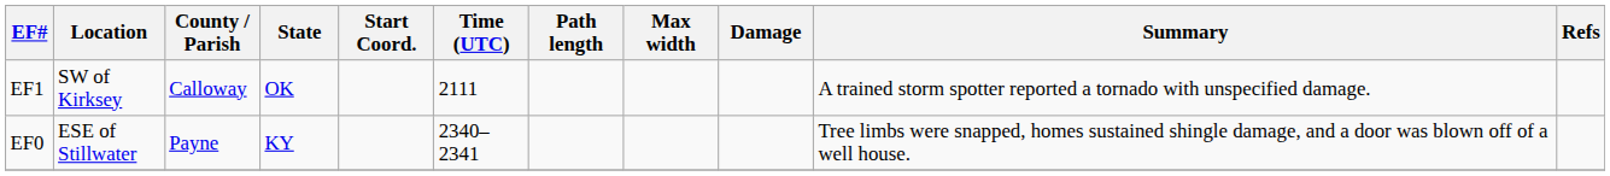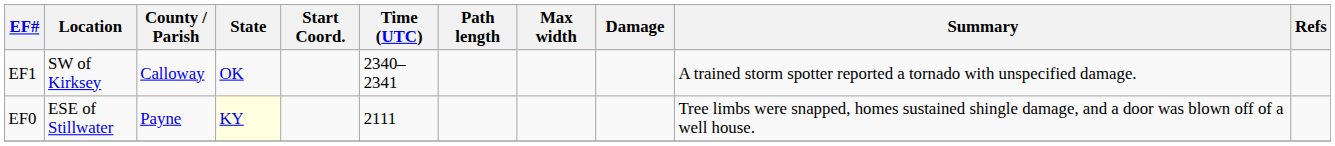 <table class="wikitable sortable" style="width:100%;">
 <tr>
 <th scope="col" width="3%" align="center"><a href='#'>EF#</a></th>
 <th scope="col" width="7%" align="center" class="unsortable">Location</th>
 <th scope="col" width="6%" align="center" class="unsortable">County / Parish</th>
 <th scope="col" width="5%" align="center">State</th>
 <th scope="col" width="6%" align="center">Start Coord.</th>
 <th scope="col" width="6%" align="center">Time (<a href='#'>UTC</a>)</th>
 <th scope="col" width="6%" align="center">Path length</th>
 <th scope="col" width="6%" align="center">Max width</th>
 <th scope="col" width="6%" align="center">Damage</th>
 <th scope="col" width="48%" class="unsortable" align="center">Summary</th>
 <th scope="col" width="48%" class="unsortable" align="center">Refs</th>
 </tr>
 <tr>
 <td>EF1</td>
 <td>SW of <a href='#'>Kirksey</a></td>
 <td><a href='#'>Calloway</a></td>
 <td><a href='#'>OK</a></td>
 <td></td>
-<td>2111</td>
+<td>2340–2341</td>
 <td></td>
 <td></td>
 <td></td>
 <td>A trained storm spotter reported a tornado with unspecified damage.</td>
 <td></td>
 </tr>
 <tr>
 <td>EF0</td>
 <td>ESE of <a href='#'>Stillwater</a></td>
 <td><a href='#'>Payne</a></td>
-<td><a href='#'>KY</a></td>
+<td style="background: lightyellow;"><a href='#'>KY</a></td>
 <td></td>
-<td>2340–2341</td>
+<td>2111</td>
 <td></td>
 <td></td>
 <td></td>
 <td>Tree limbs were snapped, homes sustained shingle damage, and a door was blown off of a well house.</td>
 <td></td>
 </tr>
 <tr>
 </tr>
 </table>
